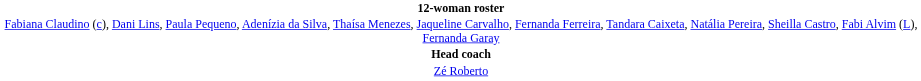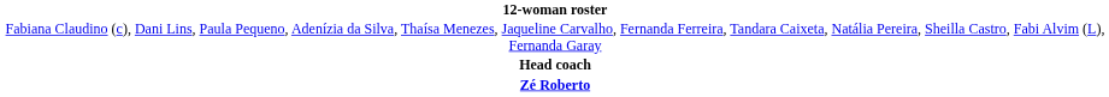 <table style="text-align:center; margin-top:2em; margin-left:auto; margin-right:auto">
 <tr>
 <td><strong>12-woman roster</strong></td>
 </tr>
 <tr>
 <td><a href='#'>Fabiana Claudino</a> (<a href='#'>c</a>), <a href='#'>Dani Lins</a>, <a href='#'>Paula Pequeno</a>, <a href='#'>Adenízia da Silva</a>, <a href='#'>Thaísa Menezes</a>, <a href='#'>Jaqueline Carvalho</a>, <a href='#'>Fernanda Ferreira</a>, <a href='#'>Tandara Caixeta</a>, <a href='#'>Natália Pereira</a>, <a href='#'>Sheilla Castro</a>, <a href='#'>Fabi Alvim</a> (<a href='#'>L</a>), <a href='#'>Fernanda Garay</a></td>
 </tr>
 <tr>
 <td><strong>Head coach</strong></td>
 </tr>
 <tr>
-<td><a href='#'>Zé Roberto</a></td>
+<td><strong><a href='#'>Zé Roberto</a></strong></td>
 </tr>
 </table>
